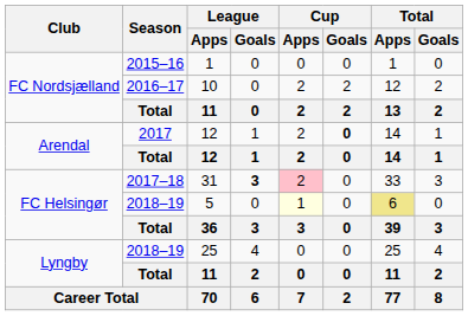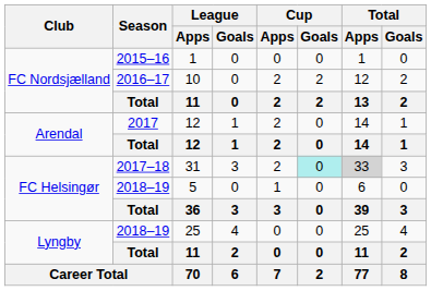 <table class="wikitable" style="text-align: center;">
 <tr>
 <th rowspan="2">Club</th>
 <th rowspan="2">Season</th>
 <th colspan="2">League</th>
 <th colspan="2">Cup</th>
 <th colspan="2">Total</th>
 </tr>
 <tr>
 <th>Apps</th>
 <th>Goals</th>
 <th>Apps</th>
 <th>Goals</th>
 <th>Apps</th>
 <th>Goals</th>
 </tr>
 <tr>
 <td rowspan="3" valign="center"><a href='#'>FC Nordsjælland</a></td>
 <td><a href='#'>2015–16</a></td>
 <td>1</td>
 <td>0</td>
 <td>0</td>
 <td>0</td>
 <td>1</td>
 <td>0</td>
 </tr>
 <tr>
 <td><a href='#'>2016–17</a></td>
 <td>10</td>
 <td>0</td>
 <td>2</td>
 <td>2</td>
 <td>12</td>
 <td>2</td>
 </tr>
 <tr>
 <th colspan="1">Total</th>
 <th>11</th>
 <th>0</th>
 <th>2</th>
 <th>2</th>
 <th>13</th>
 <th>2</th>
 </tr>
 <tr>
 <td rowspan="2" valign="center"><a href='#'>Arendal</a></td>
 <td><a href='#'>2017</a></td>
 <td>12</td>
 <td>1</td>
 <td>2</td>
-<td><strong>0</strong></td>
+<td>0</td>
 <td>14</td>
 <td>1</td>
 </tr>
 <tr>
 <th colspan="1">Total</th>
 <th>12</th>
 <th>1</th>
 <th>2</th>
 <th>0</th>
 <th>14</th>
 <th>1</th>
 </tr>
 <tr>
 <td rowspan="3" valign="center"><a href='#'>FC Helsingør</a></td>
 <td><a href='#'>2017–18</a></td>
 <td>31</td>
-<td><strong>3</strong></td>
-<td style="background: pink;">2</td>
-<td>0</td>
-<td>33</td>
+<td>3</td>
+<td>2</td>
+<td style="background: paleturquoise;">0</td>
+<td style="background: lightgrey;">33</td>
 <td>3</td>
 </tr>
 <tr>
 <td><a href='#'>2018–19</a></td>
 <td>5</td>
 <td>0</td>
-<td style="background: lightyellow;">1</td>
+<td>1</td>
 <td>0</td>
-<td style="background: khaki;">6</td>
+<td>6</td>
 <td>0</td>
 </tr>
 <tr>
 <th colspan="1">Total</th>
 <th>36</th>
 <th>3</th>
 <th>3</th>
 <th>0</th>
 <th>39</th>
 <th>3</th>
 </tr>
 <tr>
 <td rowspan="2" valign="center"><a href='#'>Lyngby</a></td>
 <td><a href='#'>2018–19</a></td>
 <td>25</td>
 <td>4</td>
 <td>0</td>
 <td>0</td>
 <td>25</td>
 <td>4</td>
 </tr>
 <tr>
 <th colspan="1">Total</th>
 <th>11</th>
 <th>2</th>
 <th>0</th>
 <th>0</th>
 <th>11</th>
 <th>2</th>
 </tr>
 <tr>
 <th colspan="2">Career Total</th>
 <th>70</th>
 <th>6</th>
 <th>7</th>
 <th>2</th>
 <th>77</th>
 <th>8</th>
 </tr>
 </table>
